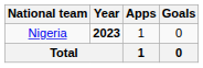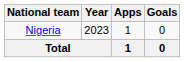 <table class=wikitable style=text-align:center>
 <tr>
 <th>National team</th>
 <th>Year</th>
 <th>Apps</th>
 <th>Goals</th>
 </tr>
 <tr>
 <td><a href='#'>Nigeria</a></td>
-<td><strong>2023</strong></td>
+<td>2023</td>
 <td>1</td>
 <td>0</td>
 </tr>
 <tr>
 <th colspan="2">Total</th>
 <th>1</th>
 <th>0</th>
 </tr>
 </table>
